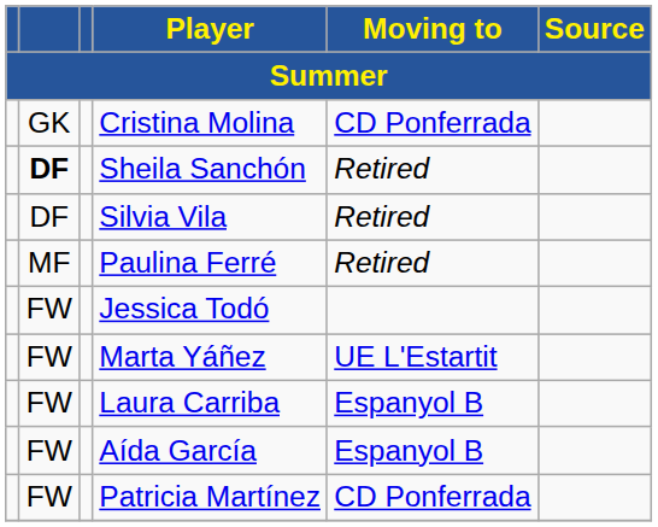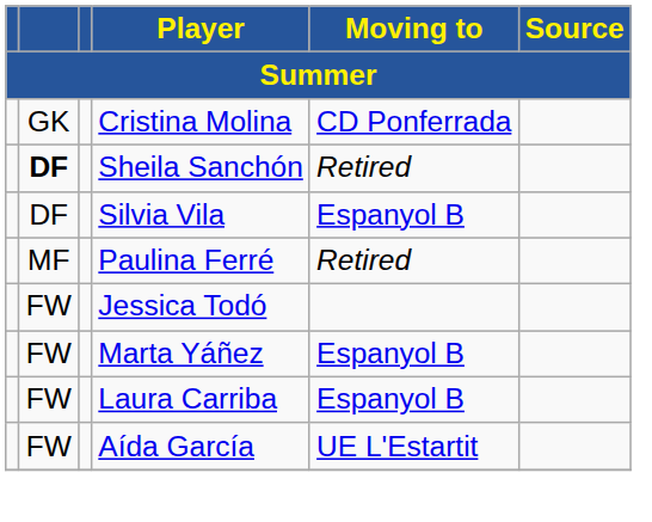 <table class="wikitable plainrowheaders sortable" style="text-align:center">
 <tr>
 <th style="background:#26559B; color:#FFF000; "></th>
 <th style="background:#26559B; color:#FFF000; "></th>
 <th style="background:#26559B; color:#FFF000; "></th>
 <th style="background:#26559B; color:#FFF000; ">Player</th>
 <th style="background:#26559B; color:#FFF000; ">Moving to</th>
 <th style="background:#26559B; color:#FFF000; ">Source</th>
 </tr>
 <tr>
 <th colspan="6" style="background:#26559B; color:#FFF000; ">Summer</th>
 </tr>
 <tr>
 <td></td>
 <td>GK</td>
 <td></td>
 <td align="left"><a href='#'>Cristina Molina</a></td>
 <td align="left"><a href='#'>CD Ponferrada</a></td>
 <td></td>
 </tr>
 <tr>
 <td></td>
 <td><strong>DF</strong></td>
 <td></td>
 <td align="left"><a href='#'>Sheila Sanchón</a></td>
 <td align="left"><em>Retired</em></td>
 <td></td>
 </tr>
 <tr>
 <td></td>
 <td>DF</td>
 <td></td>
 <td align="left"><a href='#'>Silvia Vila</a></td>
-<td align="left"><em>Retired</em></td>
+<td align="left"><a href='#'>Espanyol B</a></td>
 <td></td>
 </tr>
 <tr>
 <td></td>
 <td>MF</td>
 <td></td>
 <td align="left"><a href='#'>Paulina Ferré</a></td>
 <td align="left"><em>Retired</em></td>
 <td></td>
 </tr>
 <tr>
 <td></td>
 <td>FW</td>
 <td></td>
 <td align="left"><a href='#'>Jessica Todó</a></td>
 <td align="left"></td>
 <td></td>
 </tr>
 <tr>
 <td></td>
 <td>FW</td>
 <td></td>
 <td align="left"><a href='#'>Marta Yáñez</a></td>
-<td align="left"><a href='#'>UE L'Estartit</a></td>
+<td align="left"><a href='#'>Espanyol B</a></td>
 <td></td>
 </tr>
 <tr>
 <td></td>
 <td>FW</td>
 <td></td>
 <td align="left"><a href='#'>Laura Carriba</a></td>
 <td align="left"><a href='#'>Espanyol B</a></td>
 <td></td>
 </tr>
 <tr>
 <td></td>
 <td>FW</td>
 <td></td>
 <td align="left"><a href='#'>Aída García</a></td>
-<td align="left"><a href='#'>Espanyol B</a></td>
-<td></td>
-</tr>
-<tr>
-<td></td>
-<td>FW</td>
-<td></td>
-<td align="left"><a href='#'>Patricia Martínez</a></td>
-<td align="left"><a href='#'>CD Ponferrada</a></td>
+<td align="left"><a href='#'>UE L'Estartit</a></td>
 <td></td>
 </tr>
 <tr>
 </tr>
 </table>
